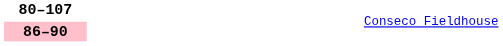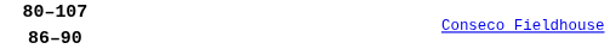 <table style="text-align:center">
 <tr>
 <th width=200></th>
 <th width=30></th>
 <th width=70></th>
 <th width=30></th>
 <th width=200></th>
 <th></th>
 </tr>
 <tr>
 <td align=right><strong></strong></td>
 <td></td>
 <td><strong> 80–107 </strong></td>
 <td></td>
 <td align=left><strong></strong></td>
 <td align=left rowspan=2><small><a href='#'>Conseco Fieldhouse</a></small></td>
 </tr>
 <tr>
 <td align=right><strong></strong></td>
 <td></td>
-<td style="background: pink;"><strong> 86–90 </strong></td>
+<td><strong> 86–90 </strong></td>
 <td></td>
 <td align=left><strong></strong></td>
 </tr>
 </table>
